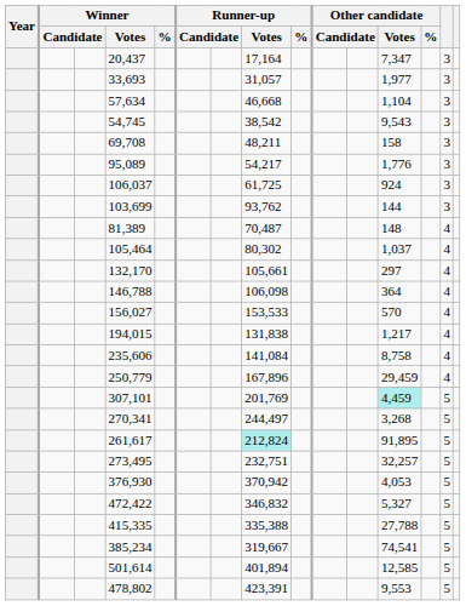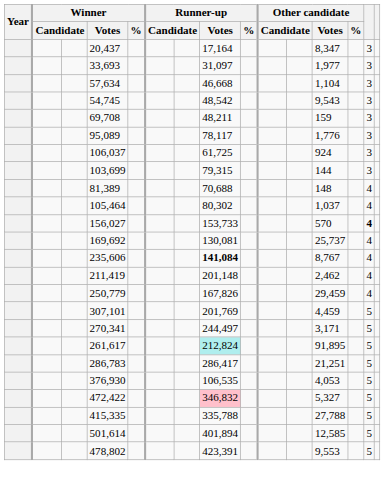 <table class="wikitable sortable">
 <tr>
 <th scope=col rowspan="2">Year</th>
 <th scope="col" style="border-left:3px solid darkgray;" colspan="4">Winner</th>
 <th scope="col" style="border-left:3px solid darkgray;" colspan="4">Runner-up</th>
 <th scope="col" style="border-left:3px solid darkgray;" colspan="4">Other candidate</th>
 <th scope="col" rowspan="2"></th>
 <th scope="col" class="unsortable" rowspan="2"></th>
 </tr>
 <tr>
 <th scope="col" style="border-left:3px solid darkgray;" colspan="2">Candidate</th>
 <th scope="col" data-sort-type="number">Votes</th>
 <th scope="col"  data-sort-type="number">%</th>
 <th scope="col" style="border-left:3px solid darkgray;" colspan="2">Candidate</th>
 <th scope="col"  data-sort-type="number">Votes</th>
 <th scope="col"  data-sort-type="number">%</th>
 <th scope="col"  scope="col" style="border-left:3px solid darkgray;" colspan="2">Candidate</th>
 <th scope="col"  data-sort-type="number">Votes</th>
 <th scope="col"  data-sort-type="number">%</th>
 </tr>
 <tr>
 <th scope="row"> </th>
 <td style="text-align:left; border-left:3px solid darkgray; background-color:"></td>
 <td><strong></strong> </td>
 <td>20,437</td>
 <td></td>
 <td style="text-align:left; border-left:3px solid darkgray; background-color:"></td>
 <td> </td>
 <td>17,164</td>
 <td></td>
 <td style="text-align:left; border-left:3px solid darkgray; background-color:"></td>
 <td> </td>
-<td>7,347</td>
+<td>8,347</td>
 <td></td>
 <td>3</td>
 <td></td>
 </tr>
 <tr>
 <th scope="row"> </th>
 <td style="text-align:left; border-left:3px solid darkgray; background-color:"></td>
 <td><strong></strong> </td>
 <td>33,693</td>
 <td></td>
 <td style="text-align:left; border-left:3px solid darkgray; background-color:"></td>
 <td> </td>
-<td>31,057</td>
+<td>31,097</td>
 <td></td>
 <td style="text-align:left; border-left:3px solid darkgray; background-color:"></td>
 <td> </td>
 <td>1,977</td>
 <td></td>
 <td>3</td>
 <td></td>
 </tr>
 <tr>
 <th scope="row"> </th>
 <td style="text-align:left; border-left:3px solid darkgray; background-color:"></td>
 <td><strong></strong>  </td>
 <td>57,634</td>
 <td></td>
 <td style="text-align:left; border-left:3px solid darkgray; background-color:"></td>
 <td> </td>
 <td>46,668</td>
 <td></td>
 <td style="text-align:left; border-left:3px solid darkgray; background-color:"></td>
 <td> </td>
 <td>1,104</td>
 <td></td>
 <td>3</td>
 <td></td>
 </tr>
 <tr>
 <th scope="row"> </th>
 <td style="text-align:left; border-left:3px solid darkgray; background-color:"></td>
 <td><strong></strong>  </td>
 <td>54,745</td>
 <td></td>
 <td style="text-align:left; border-left:3px solid darkgray; background-color:"></td>
 <td> </td>
-<td>38,542</td>
+<td>48,542</td>
 <td></td>
 <td style="text-align:left; border-left:3px solid darkgray; background-color:"></td>
 <td> </td>
 <td>9,543</td>
 <td></td>
 <td>3</td>
 <td></td>
 </tr>
 <tr>
 <th scope="row"> </th>
 <td style="text-align:left; border-left:3px solid darkgray; background-color:"></td>
 <td><strong></strong> </td>
 <td>69,708</td>
 <td></td>
 <td style="text-align:left; border-left:3px solid darkgray; background-color:"></td>
 <td> </td>
 <td>48,211</td>
 <td></td>
 <td style="text-align:left; border-left:3px solid darkgray; background-color:"></td>
 <td> </td>
-<td>158</td>
+<td>159</td>
 <td></td>
 <td>3</td>
 <td></td>
 </tr>
 <tr>
 <th scope="row"> </th>
 <td style="text-align:left; border-left:3px solid darkgray; background-color:"></td>
 <td><strong></strong> </td>
 <td>95,089</td>
 <td></td>
 <td style="text-align:left; border-left:3px solid darkgray; background-color:"></td>
 <td> </td>
-<td>54,217</td>
+<td>78,117</td>
 <td></td>
 <td style="text-align:left; border-left:3px solid darkgray; background-color:"></td>
 <td> </td>
 <td>1,776</td>
 <td></td>
 <td>3</td>
 <td></td>
 </tr>
 <tr>
 <th scope="row"> </th>
 <td style="text-align:left; border-left:3px solid darkgray; background-color:"></td>
 <td><strong></strong> </td>
 <td>106,037</td>
 <td></td>
 <td style="text-align:left; border-left:3px solid darkgray; background-color:"></td>
 <td> </td>
 <td>61,725</td>
 <td></td>
 <td style="text-align:left; border-left:3px solid darkgray; background-color:"></td>
 <td> </td>
 <td>924</td>
 <td></td>
 <td>3</td>
 <td></td>
 </tr>
 <tr>
 <th scope="row"></th>
 <td style="text-align:left; border-left:3px solid darkgray; background-color:"></td>
 <td><strong></strong> </td>
 <td>103,699</td>
 <td></td>
 <td style="text-align:left; border-left:3px solid darkgray; background-color:"></td>
 <td> </td>
-<td>93,762</td>
+<td>79,315</td>
 <td></td>
 <td style="text-align:left; border-left:3px solid darkgray; background-color:"></td>
 <td> </td>
 <td>144</td>
 <td></td>
 <td>3</td>
 <td></td>
 </tr>
 <tr>
 <th scope="row"> </th>
 <td style="text-align:left; border-left:3px solid darkgray; background-color:"></td>
 <td><strong></strong> </td>
 <td>81,389</td>
 <td></td>
 <td style="text-align:left; border-left:3px solid darkgray; background-color:"></td>
 <td> </td>
-<td>70,487</td>
+<td>70,688</td>
 <td></td>
 <td style="text-align:left; border-left:3px solid darkgray; background-color:"></td>
 <td> </td>
 <td>148</td>
 <td></td>
 <td>4</td>
 <td></td>
 </tr>
 <tr>
 <th scope="row"> </th>
 <td style="text-align:left; border-left:3px solid darkgray; background-color:"></td>
 <td><strong></strong>  </td>
 <td>105,464</td>
 <td></td>
 <td style="text-align:left; border-left:3px solid darkgray; background-color:"></td>
 <td> </td>
 <td>80,302</td>
 <td></td>
 <td style="text-align:left; border-left:3px solid darkgray; background-color:"></td>
 <td> </td>
 <td>1,037</td>
 <td></td>
 <td>4</td>
 <td></td>
 </tr>
 <tr>
 <th scope="row"> </th>
 <td style="text-align:left; border-left:3px solid darkgray; background-color:"></td>
 <td><strong></strong>  </td>
-<td>132,170</td>
+<td>156,027</td>
 <td></td>
 <td style="text-align:left; border-left:3px solid darkgray; background-color:"></td>
 <td> </td>
-<td>105,661</td>
+<td>153,733</td>
 <td></td>
 <td style="text-align:left; border-left:3px solid darkgray; background-color:"></td>
 <td> </td>
-<td>297</td>
+<td>570</td>
 <td></td>
-<td>4</td>
+<td><strong>4</strong></td>
 <td></td>
 </tr>
 <tr>
 <th scope="row"> </th>
 <td style="text-align:left; border-left:3px solid darkgray; background-color:"></td>
 <td><strong></strong>  </td>
-<td>146,788</td>
+<td>169,692</td>
 <td></td>
 <td style="text-align:left; border-left:3px solid darkgray; background-color:"></td>
 <td> </td>
-<td>106,098</td>
+<td>130,081</td>
 <td></td>
 <td style="text-align:left; border-left:3px solid darkgray; background-color:"></td>
 <td> </td>
-<td>364</td>
-<td></td>
-<td>4</td>
-<td></td>
-</tr>
-<tr>
-<th scope="row"> </th>
-<td style="text-align:left; border-left:3px solid darkgray; background-color:"></td>
-<td><strong></strong>  </td>
-<td>156,027</td>
-<td></td>
-<td style="text-align:left; border-left:3px solid darkgray; background-color:"></td>
-<td> </td>
-<td>153,533</td>
-<td></td>
-<td style="text-align:left; border-left:3px solid darkgray; background-color:"></td>
-<td> </td>
-<td>570</td>
-<td></td>
-<td>4</td>
-<td></td>
-</tr>
-<tr>
-<th scope="row"> </th>
-<td style="text-align:left; border-left:3px solid darkgray; background-color:"></td>
-<td><strong></strong>  </td>
-<td>194,015</td>
-<td></td>
-<td style="text-align:left; border-left:3px solid darkgray; background-color:"></td>
-<td> </td>
-<td>131,838</td>
-<td></td>
-<td style="text-align:left; border-left:3px solid darkgray; background-color:"></td>
-<td> </td>
-<td>1,217</td>
+<td>25,737</td>
 <td></td>
 <td>4</td>
 <td></td>
 </tr>
 <tr>
 <th scope="row"> </th>
 <td style="text-align:left; border-left:3px solid darkgray; background-color:"></td>
 <td><strong></strong>  </td>
 <td>235,606</td>
 <td></td>
 <td style="text-align:left; border-left:3px solid darkgray; background-color:"></td>
 <td> </td>
-<td>141,084</td>
+<td><strong>141,084</strong></td>
 <td></td>
 <td style="text-align:left; border-left:3px solid darkgray; background-color:"></td>
 <td> </td>
-<td>8,758</td>
+<td>8,767</td>
+<td></td>
+<td>4</td>
+<td></td>
+</tr>
+<tr>
+<th scope="row"> </th>
+<td style="text-align:left; border-left:3px solid darkgray; background-color:"></td>
+<td><strong></strong> </td>
+<td>211,419</td>
+<td></td>
+<td style="text-align:left; border-left:3px solid darkgray; background-color:"></td>
+<td>  </td>
+<td>201,148</td>
+<td></td>
+<td style="text-align:left; border-left:3px solid darkgray; background:"></td>
+<td> </td>
+<td>2,462</td>
 <td></td>
 <td>4</td>
 <td></td>
 </tr>
 <tr>
 <th scope="row"> </th>
 <td style="text-align:left; border-left:3px solid darkgray; background-color:"></td>
 <td><strong></strong>  </td>
 <td>250,779</td>
 <td></td>
 <td style="text-align:left; border-left:3px solid darkgray; background-color:"></td>
 <td> </td>
-<td>167,896</td>
+<td>167,826</td>
 <td></td>
 <td style="text-align:left; border-left:3px solid darkgray; background-color:"></td>
 <td> </td>
 <td>29,459</td>
 <td></td>
 <td>4</td>
 <td></td>
 </tr>
 <tr>
 <th scope="row"> </th>
 <td style="text-align:left; border-left:3px solid darkgray; background-color:"></td>
 <td><strong></strong>  </td>
 <td>307,101</td>
 <td></td>
 <td style="text-align:left; border-left:3px solid darkgray; background-color:"></td>
 <td> </td>
 <td>201,769</td>
 <td></td>
 <td style="text-align:left; border-left:3px solid darkgray; background-color:"></td>
 <td> </td>
-<td style="background: paleturquoise;">4,459</td>
+<td>4,459</td>
 <td></td>
 <td>5</td>
 <td></td>
 </tr>
 <tr>
 <th scope="row"> </th>
 <td style="text-align:left; border-left:3px solid darkgray; background-color:"></td>
 <td><strong></strong>  </td>
 <td>270,341</td>
 <td></td>
 <td style="text-align:left; border-left:3px solid darkgray; background-color:"></td>
 <td> </td>
 <td>244,497</td>
 <td></td>
 <td style="text-align:left; border-left:3px solid darkgray; background-color:"></td>
 <td> </td>
-<td>3,268</td>
+<td>3,171</td>
 <td></td>
 <td>5</td>
 <td></td>
 </tr>
 <tr>
 <th scope="row"> </th>
 <td style="text-align:left; border-left:3px solid darkgray; background-color:"></td>
 <td><strong></strong>  </td>
 <td>261,617</td>
 <td></td>
 <td style="text-align:left; border-left:3px solid darkgray; background-color:"></td>
 <td> </td>
 <td style="background: paleturquoise;">212,824</td>
 <td></td>
 <td style="text-align:left; border-left:3px solid darkgray; background-color:"></td>
 <td> </td>
 <td>91,895</td>
 <td></td>
 <td>5</td>
 <td></td>
 </tr>
 <tr>
 <th scope="row"> </th>
 <td style="text-align:left; border-left:3px solid darkgray; background-color:"></td>
-<td><strong></strong>  </td>
-<td>273,495</td>
+<td><strong></strong> </td>
+<td>286,783</td>
+<td></td>
+<td style="text-align:left; border-left:3px solid darkgray; background-color:"></td>
+<td>  </td>
+<td>286,417</td>
 <td></td>
 <td style="text-align:left; border-left:3px solid darkgray; background-color:"></td>
 <td> </td>
-<td>232,751</td>
-<td></td>
-<td style="text-align:left; border-left:3px solid darkgray; background-color:"></td>
-<td> </td>
-<td>32,257</td>
+<td>21,251</td>
 <td></td>
 <td>5</td>
 <td></td>
 </tr>
 <tr>
 <th scope="row"> </th>
 <td style="text-align:left; border-left:3px solid darkgray; background-color:"></td>
 <td><strong></strong> </td>
 <td>376,930</td>
 <td></td>
 <td style="text-align:left; border-left:3px solid darkgray; background-color:"></td>
 <td> </td>
-<td>370,942</td>
+<td>106,535</td>
 <td></td>
 <td style="text-align:left; border-left:3px solid darkgray; background-color:"></td>
 <td> </td>
 <td>4,053</td>
 <td></td>
 <td>5</td>
 <td></td>
 </tr>
 <tr>
 <th scope="row"> </th>
 <td style="text-align:left; border-left:3px solid darkgray; background-color:"></td>
 <td><strong></strong> </td>
 <td>472,422</td>
 <td></td>
 <td style="text-align:left; border-left:3px solid darkgray; background-color:"></td>
 <td> </td>
-<td>346,832</td>
+<td style="background: pink;">346,832</td>
 <td></td>
 <td style="text-align:left; border-left:3px solid darkgray; background-color:"></td>
 <td> </td>
 <td>5,327</td>
 <td></td>
 <td>5</td>
 <td></td>
 </tr>
 <tr>
 <th scope="row"> </th>
 <td style="text-align:left; border-left:3px solid darkgray; background-color:"></td>
 <td><strong></strong> </td>
 <td>415,335</td>
 <td></td>
 <td style="text-align:left; border-left:3px solid darkgray; background-color:"></td>
 <td> </td>
-<td>335,388</td>
+<td>335,788</td>
 <td></td>
 <td style="text-align:left; border-left:3px solid darkgray; background-color:"></td>
 <td> </td>
 <td>27,788</td>
-<td></td>
-<td>5</td>
-<td></td>
-</tr>
-<tr>
-<th scope="row"> </th>
-<td style="text-align:left; border-left:3px solid darkgray; background-color:"></td>
-<td><strong></strong> </td>
-<td>385,234</td>
-<td></td>
-<td style="text-align:left; border-left:3px solid darkgray; background-color:"></td>
-<td> </td>
-<td>319,667</td>
-<td></td>
-<td style="text-align:left; border-left:3px solid darkgray; background-color:"></td>
-<td> </td>
-<td>74,541</td>
 <td></td>
 <td>5</td>
 <td></td>
 </tr>
 <tr>
 <th scope="row"> </th>
 <td style="text-align:left; border-left:3px solid darkgray; background-color:"></td>
 <td><strong></strong> </td>
 <td>501,614</td>
 <td></td>
 <td style="text-align:left; border-left:3px solid darkgray; background-color:"></td>
 <td> </td>
 <td>401,894</td>
 <td></td>
 <td style="text-align:left; border-left:3px solid darkgray; background-color:"></td>
 <td> </td>
 <td>12,585</td>
 <td></td>
 <td>5</td>
 <td></td>
 </tr>
 <tr>
 <th scope="row"> </th>
 <td style="text-align:left; border-left:3px solid darkgray; background-color:"></td>
 <td><strong></strong> </td>
 <td>478,802</td>
 <td></td>
 <td style="text-align:left; border-left:3px solid darkgray; background-color:"></td>
 <td> </td>
 <td>423,391</td>
 <td></td>
 <td style="text-align:left; border-left:3px solid darkgray; background-color:"></td>
 <td> </td>
 <td>9,553</td>
 <td></td>
 <td>5</td>
 <td></td>
 </tr>
 </table>
